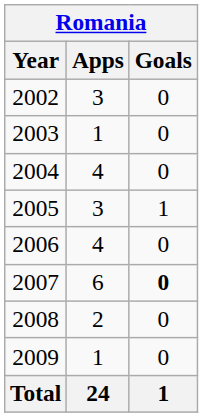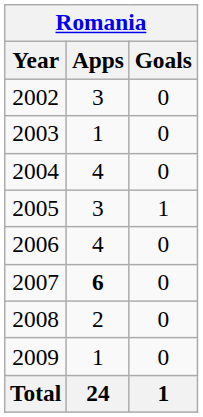 <table class="wikitable" style="text-align:center">
 <tr>
 <th colspan=3><a href='#'>Romania</a></th>
 </tr>
 <tr>
 <th>Year</th>
 <th>Apps</th>
 <th>Goals</th>
 </tr>
 <tr>
 <td>2002</td>
 <td>3</td>
 <td>0</td>
 </tr>
 <tr>
 <td>2003</td>
 <td>1</td>
 <td>0</td>
 </tr>
 <tr>
 <td>2004</td>
 <td>4</td>
 <td>0</td>
 </tr>
 <tr>
 <td>2005</td>
 <td>3</td>
 <td>1</td>
 </tr>
 <tr>
 <td>2006</td>
 <td>4</td>
 <td>0</td>
 </tr>
 <tr>
 <td>2007</td>
-<td>6</td>
-<td><strong>0</strong></td>
+<td><strong>6</strong></td>
+<td>0</td>
 </tr>
 <tr>
 <td>2008</td>
 <td>2</td>
 <td>0</td>
 </tr>
 <tr>
 <td>2009</td>
 <td>1</td>
 <td>0</td>
 </tr>
 <tr>
 <th>Total</th>
 <th>24</th>
 <th>1</th>
 </tr>
 </table>
